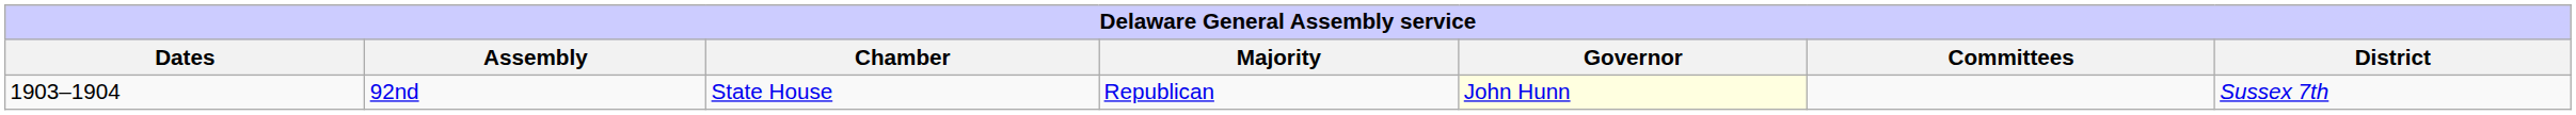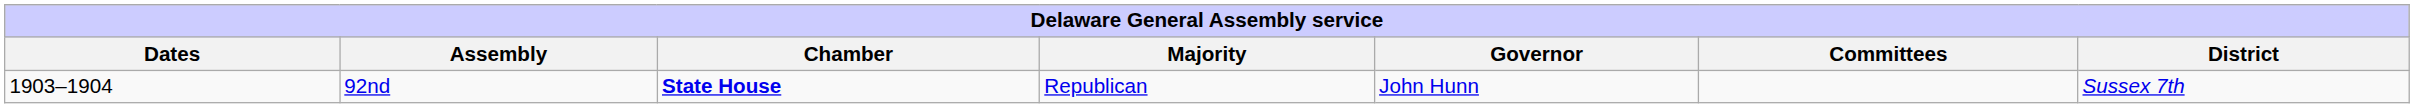 <table class=wikitable style="width: 94%" style="text-align: center;" align="center">
 <tr bgcolor=#cccccc>
 <th colspan=7 style="background: #ccccff;">Delaware General Assembly service</th>
 </tr>
 <tr>
 <th>Dates</th>
 <th>Assembly</th>
 <th>Chamber</th>
 <th>Majority</th>
 <th>Governor</th>
 <th>Committees</th>
 <th>District</th>
 </tr>
 <tr>
 <td>1903–1904</td>
 <td><a href='#'>92nd</a></td>
-<td><a href='#'>State House</a></td>
+<td><strong><a href='#'>State House</a></strong></td>
 <td><a href='#'>Republican</a></td>
-<td style="background: lightyellow;"><a href='#'>John Hunn</a></td>
+<td><a href='#'>John Hunn</a></td>
 <td></td>
 <td><a href='#'><em>Sussex 7th</em></a></td>
 </tr>
 </table>
